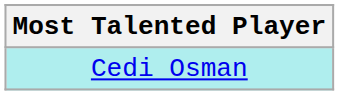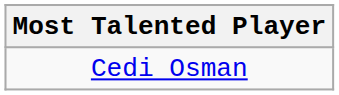 <table class=wikitable style="text-align:center; margin:auto">
 <tr>
 <th>Most Talented Player</th>
 </tr>
 <tr>
-<td style="background: paleturquoise;"> <a href='#'>Cedi Osman</a></td>
+<td> <a href='#'>Cedi Osman</a></td>
 </tr>
 </table>
